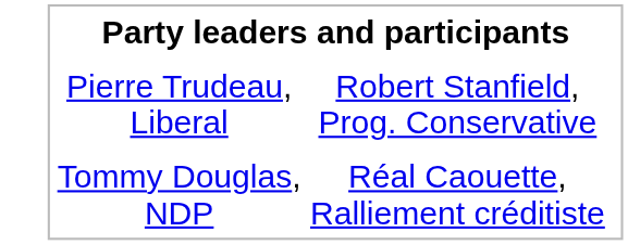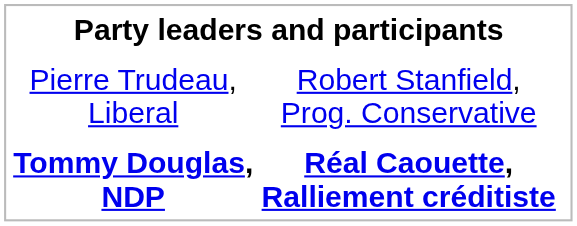 <table style="border: solid 1px #bbb; margin: 0 0 0 1.4em; float:right; font-size:90%; text-align:center">
 <tr>
 <th colspan="3">Party leaders and participants</th>
 </tr>
 <tr>
 <td></td>
 <td></td>
 <td></td>
 </tr>
 <tr>
 <td><a href='#'>Pierre Trudeau</a>, <br><a href='#'>Liberal</a></td>
 <td><a href='#'>Robert Stanfield</a>,  <br><a href='#'>Prog. Conservative</a></td>
 </tr>
 <tr>
 <td></td>
 <td></td>
 </tr>
 <tr>
-<td><a href='#'>Tommy Douglas</a>, <br> <a href='#'>NDP</a></td>
-<td><a href='#'>Réal Caouette</a>, <br> <a href='#'>Ralliement créditiste</a></td>
+<td><strong><a href='#'>Tommy Douglas</a>, <br> <a href='#'>NDP</a></strong></td>
+<td><strong><a href='#'>Réal Caouette</a>, <br> <a href='#'>Ralliement créditiste</a></strong></td>
 </tr>
 </table>
